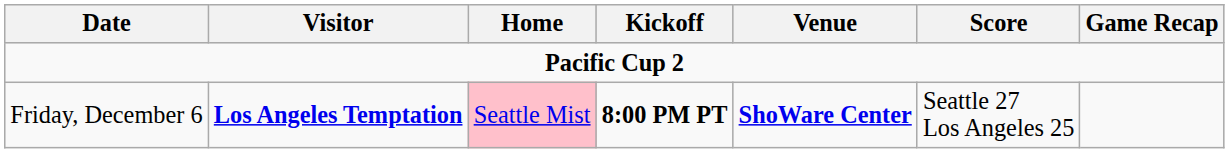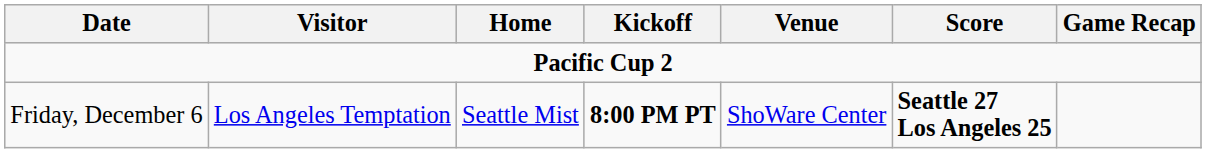 <table class="wikitable">
 <tr>
 <th>Date</th>
 <th>Visitor</th>
 <th>Home</th>
 <th>Kickoff</th>
 <th>Venue</th>
 <th>Score</th>
 <th>Game Recap</th>
 </tr>
 <tr>
 <td colspan=8 style="text-align:center;"><strong>Pacific Cup 2</strong></td>
 </tr>
 <tr>
 <td>Friday, December 6</td>
-<td><strong><a href='#'>Los Angeles Temptation</a></strong></td>
-<td style="background: pink;"><a href='#'>Seattle Mist</a></td>
+<td><a href='#'>Los Angeles Temptation</a></td>
+<td><a href='#'>Seattle Mist</a></td>
 <td><strong>8:00 PM PT</strong></td>
-<td><strong><a href='#'>ShoWare Center</a></strong></td>
-<td>Seattle 27<br>Los Angeles 25</td>
+<td><a href='#'>ShoWare Center</a></td>
+<td><strong>Seattle 27<br>Los Angeles 25</strong></td>
 <td></td>
 </tr>
 </table>
